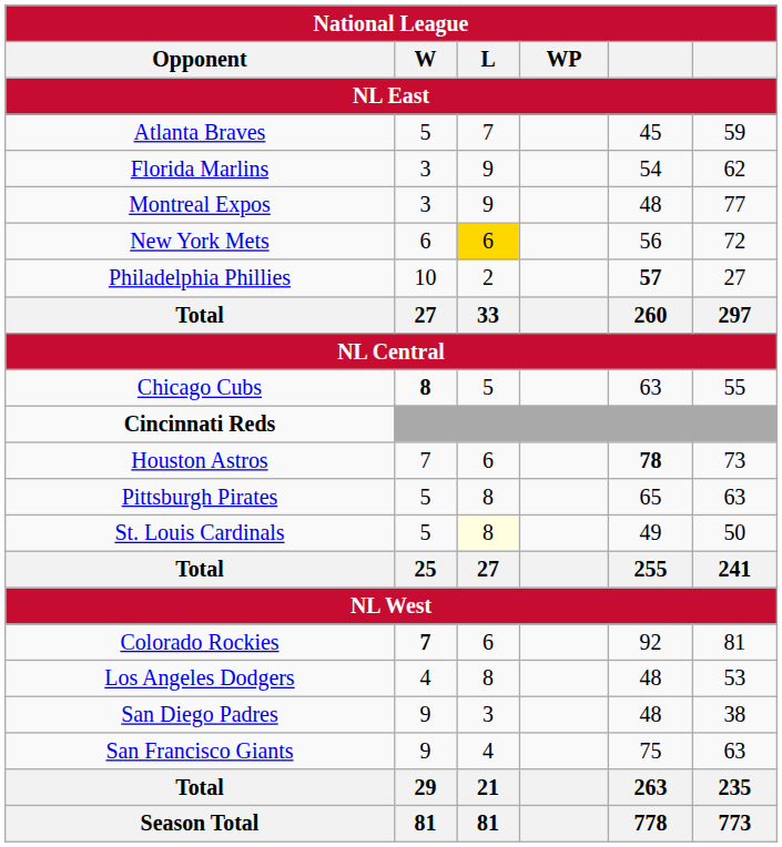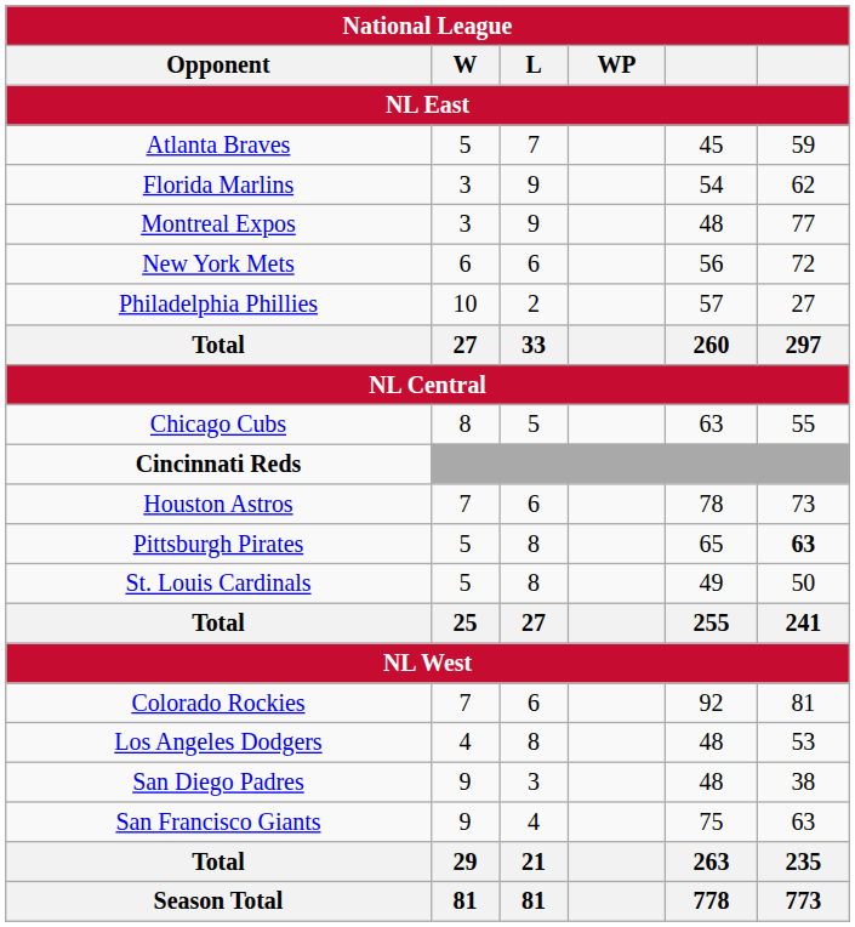 <table class="wikitable" style="font-size:95%; text-align:center; width:35em;margin: 0.5em auto;">
 <tr>
 <th colspan="7" style="background:#c60c30; color:#ffffff;">National League</th>
 </tr>
 <tr>
 <th>Opponent</th>
 <th>W</th>
 <th>L</th>
 <th>WP</th>
 <th></th>
 <th></th>
 </tr>
 <tr>
 <th colspan="7" style="background:#c60c30; color:#ffffff;">NL East</th>
 </tr>
 <tr>
 <td><a href='#'>Atlanta Braves</a></td>
 <td>5</td>
 <td>7</td>
 <td></td>
 <td>45</td>
 <td>59</td>
 </tr>
 <tr>
 <td><a href='#'>Florida Marlins</a></td>
 <td>3</td>
 <td>9</td>
 <td></td>
 <td>54</td>
 <td>62</td>
 </tr>
 <tr>
 <td><a href='#'>Montreal Expos</a></td>
 <td>3</td>
 <td>9</td>
 <td></td>
 <td>48</td>
 <td>77</td>
 </tr>
 <tr>
 <td><a href='#'>New York Mets</a></td>
 <td>6</td>
-<td style="background: gold;">6</td>
+<td>6</td>
 <td></td>
 <td>56</td>
 <td>72</td>
 </tr>
 <tr>
 <td><a href='#'>Philadelphia Phillies</a></td>
 <td>10</td>
 <td>2</td>
 <td></td>
-<td><strong>57</strong></td>
+<td>57</td>
 <td>27</td>
 </tr>
 <tr>
 <th>Total</th>
 <th>27</th>
 <th>33</th>
 <th></th>
 <th>260</th>
 <th>297</th>
 </tr>
 <tr>
 <th colspan="7" style="background:#c60c30; color:#ffffff;">NL Central</th>
 </tr>
 <tr>
 <td><a href='#'>Chicago Cubs</a></td>
-<td><strong>8</strong></td>
+<td>8</td>
 <td>5</td>
 <td></td>
 <td>63</td>
 <td>55</td>
 </tr>
 <tr>
 <td><strong>Cincinnati Reds</strong></td>
 <td colspan=5 style="background:darkgray;"></td>
 </tr>
 <tr>
 <td><a href='#'>Houston Astros</a></td>
 <td>7</td>
 <td>6</td>
 <td></td>
-<td><strong>78</strong></td>
+<td>78</td>
 <td>73</td>
 </tr>
 <tr>
 <td><a href='#'>Pittsburgh Pirates</a></td>
 <td>5</td>
 <td>8</td>
 <td></td>
 <td>65</td>
-<td>63</td>
+<td><strong>63</strong></td>
 </tr>
 <tr>
 <td><a href='#'>St. Louis Cardinals</a></td>
 <td>5</td>
-<td style="background: lightyellow;">8</td>
+<td>8</td>
 <td></td>
 <td>49</td>
 <td>50</td>
 </tr>
 <tr>
 <th>Total</th>
 <th>25</th>
 <th>27</th>
 <th></th>
 <th>255</th>
 <th>241</th>
 </tr>
 <tr>
 <th colspan="7" style="background:#c60c30; color:#ffffff;">NL West</th>
 </tr>
 <tr>
 <td><a href='#'>Colorado Rockies</a></td>
-<td><strong>7</strong></td>
+<td>7</td>
 <td>6</td>
 <td></td>
 <td>92</td>
 <td>81</td>
 </tr>
 <tr>
 <td><a href='#'>Los Angeles Dodgers</a></td>
 <td>4</td>
 <td>8</td>
 <td></td>
 <td>48</td>
 <td>53</td>
 </tr>
 <tr>
 <td><a href='#'>San Diego Padres</a></td>
 <td>9</td>
 <td>3</td>
 <td></td>
 <td>48</td>
 <td>38</td>
 </tr>
 <tr>
 <td><a href='#'>San Francisco Giants</a></td>
 <td>9</td>
 <td>4</td>
 <td></td>
 <td>75</td>
 <td>63</td>
 </tr>
 <tr>
 <th>Total</th>
 <th>29</th>
 <th>21</th>
 <th></th>
 <th>263</th>
 <th>235</th>
 </tr>
 <tr>
 <th>Season Total</th>
 <th>81</th>
 <th>81</th>
 <th></th>
 <th>778</th>
 <th>773</th>
 </tr>
 </table>
